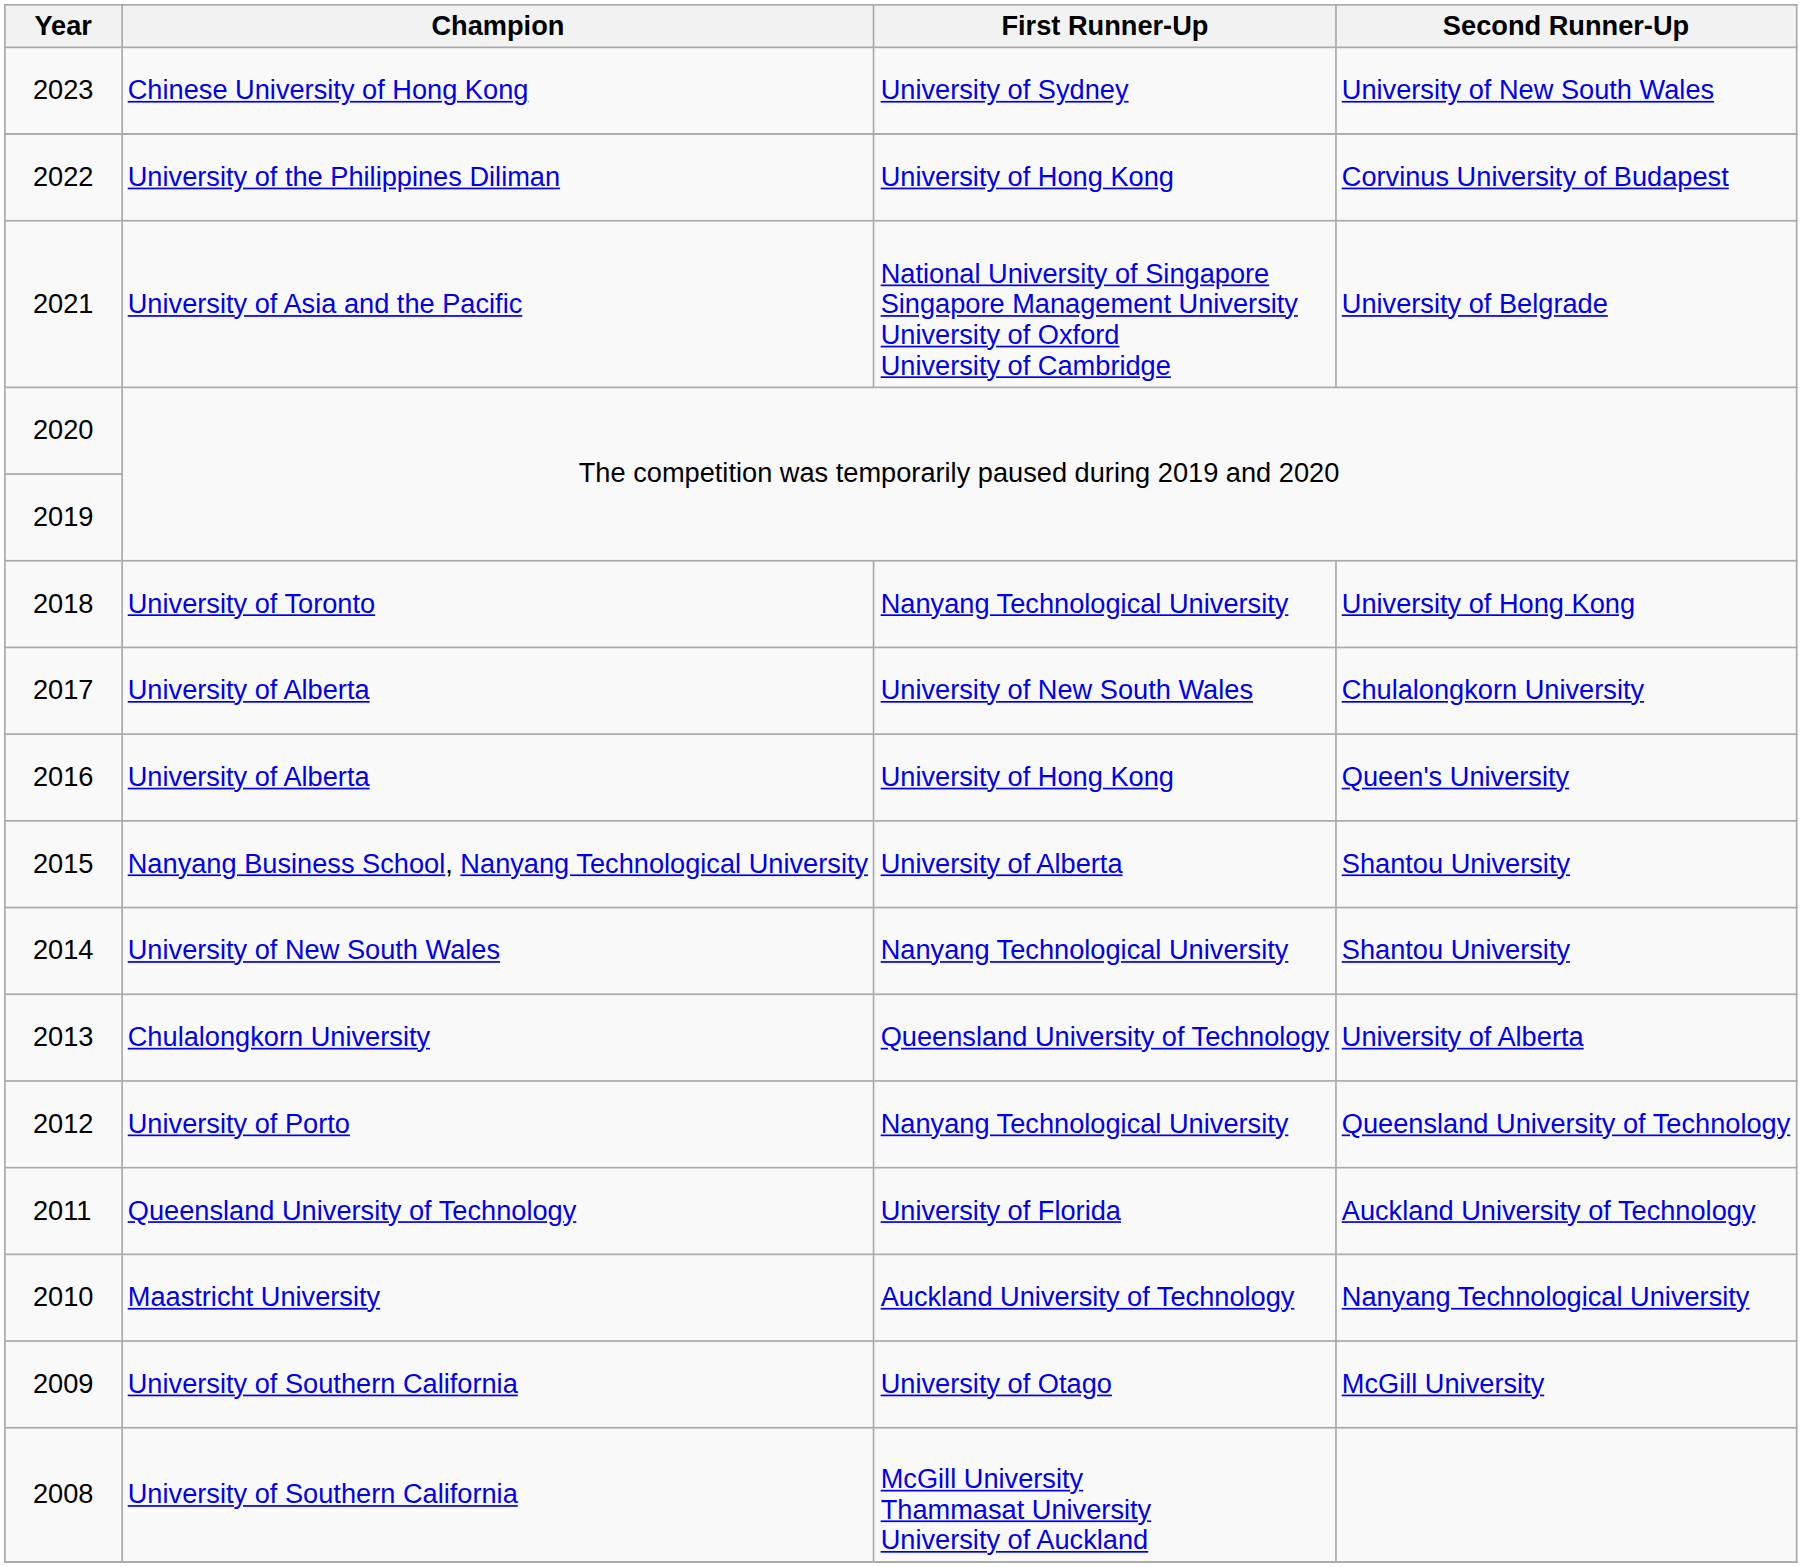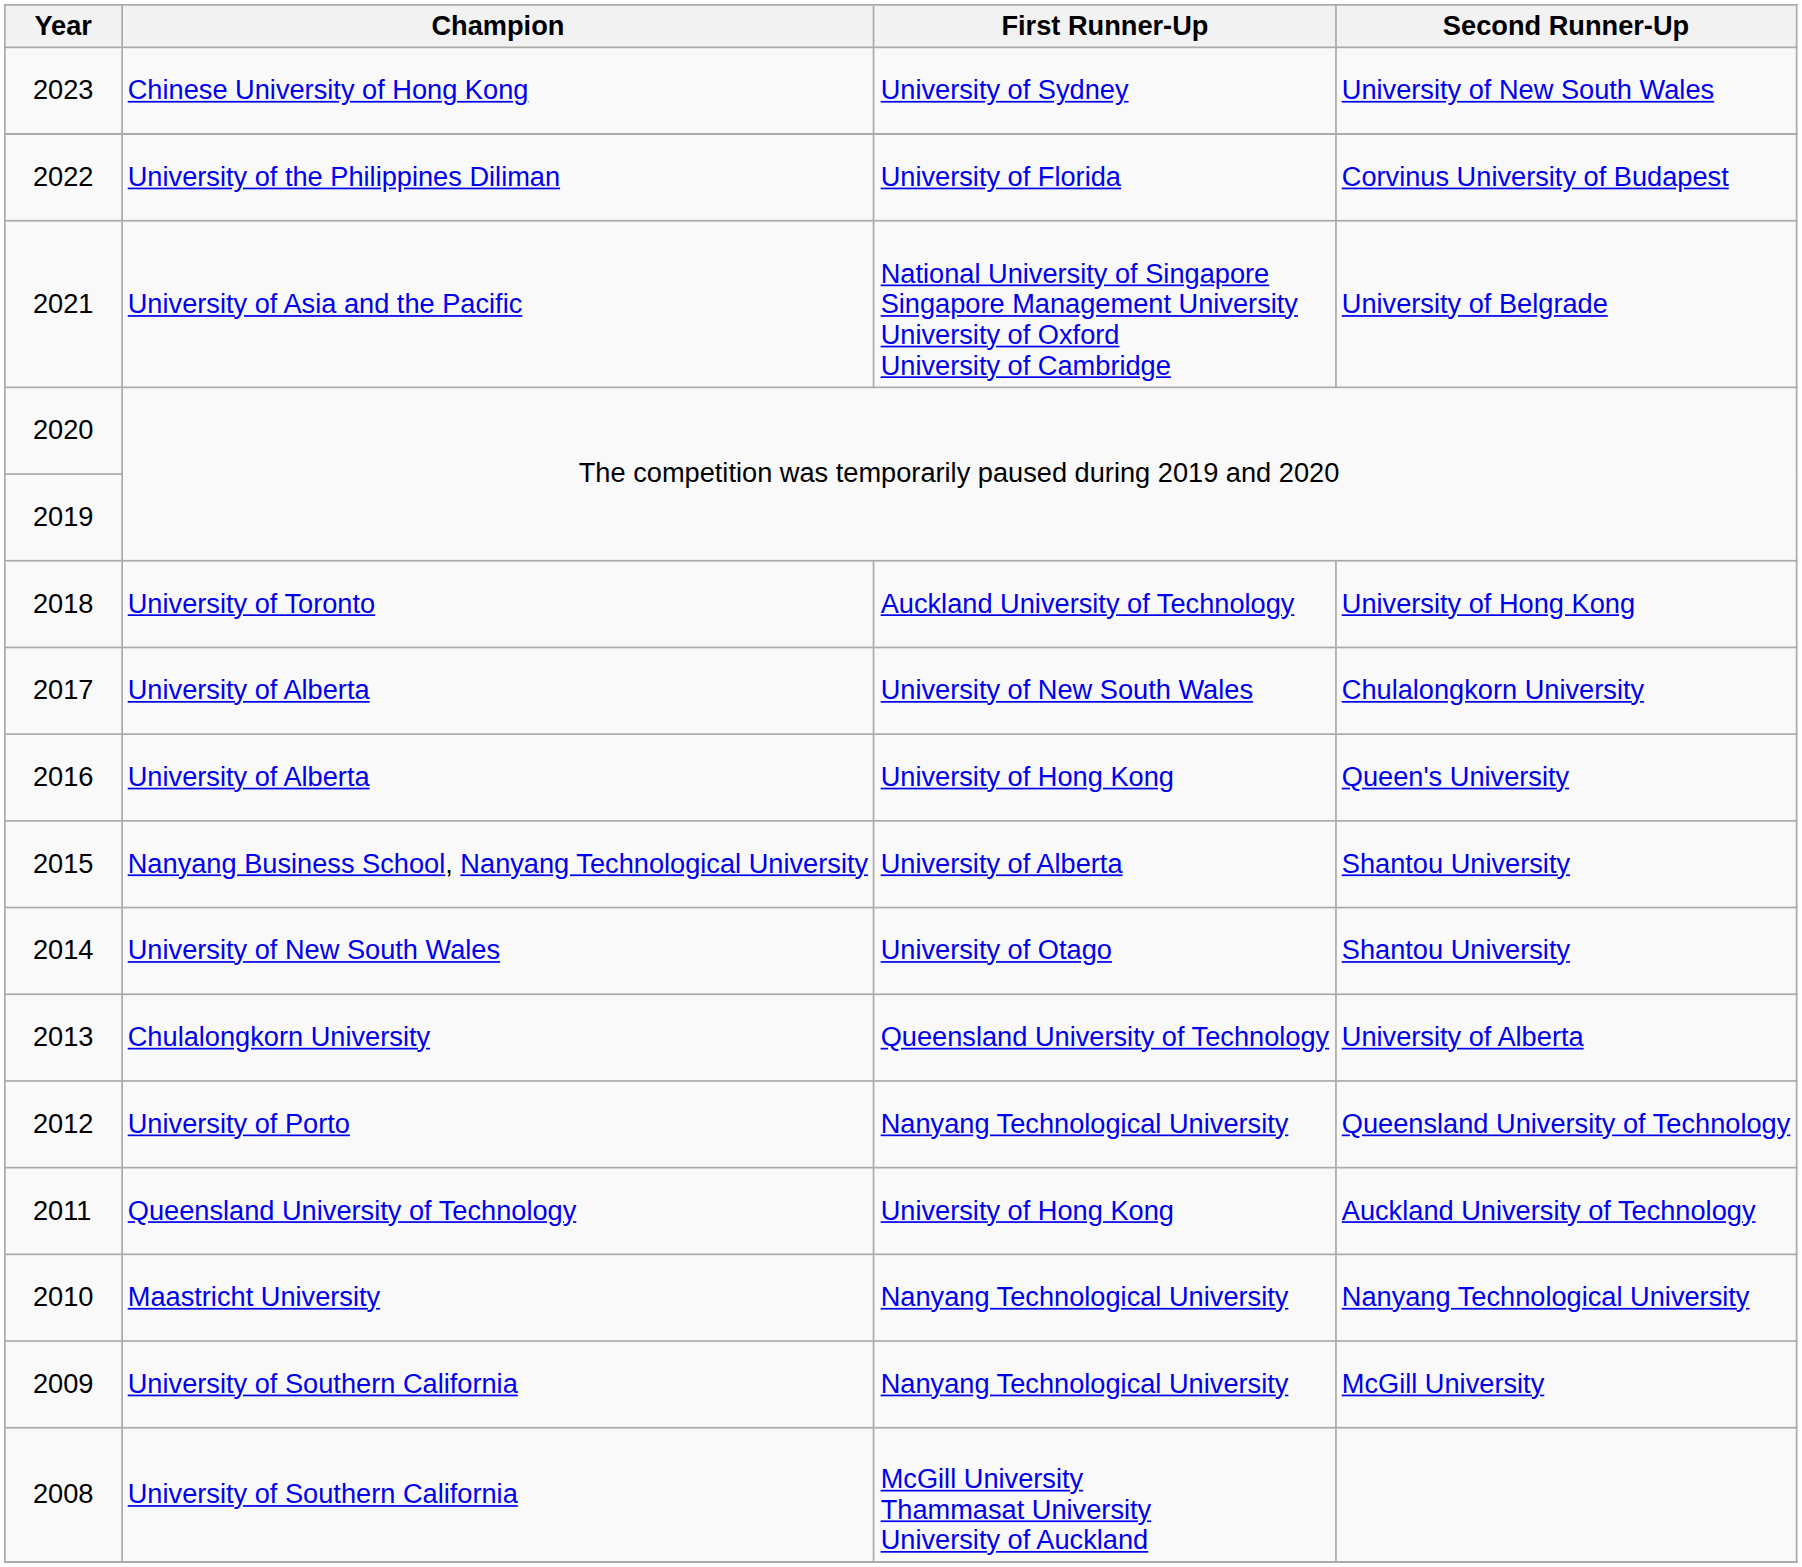 <table class="wikitable">
 <tr>
 <th>Year</th>
 <th>Champion</th>
 <th>First Runner-Up</th>
 <th>Second Runner-Up</th>
 </tr>
 <tr>
 <td style="padding: 1em">2023</td>
 <td><a href='#'>Chinese University of Hong Kong</a></td>
 <td><a href='#'>University of Sydney</a></td>
 <td><a href='#'>University of New South Wales</a></td>
 </tr>
 <tr>
 </tr>
 <tr>
 <td style="padding: 1em">2022</td>
 <td><a href='#'>University of the Philippines Diliman</a></td>
-<td><a href='#'>University of Hong Kong</a></td>
+<td><a href='#'>University of Florida</a></td>
 <td><a href='#'>Corvinus University of Budapest</a></td>
 </tr>
 <tr>
 <td style="padding: 1em">2021</td>
 <td><a href='#'>University of Asia and the Pacific</a></td>
 <td><br><a href='#'>National University of Singapore</a><br><a href='#'>Singapore Management University</a><br><a href='#'>University of Oxford</a><br><a href='#'>University of Cambridge</a></td>
 <td><a href='#'>University of Belgrade</a></td>
 </tr>
 <tr>
 <td style="padding: 1em">2020</td>
 <td style="text-align:center" colspan="3" rowspan = "2">The competition was temporarily paused during 2019 and 2020</td>
 </tr>
 <tr>
 <td style="padding: 1em">2019</td>
 </tr>
 <tr>
 <td style="padding: 1em">2018</td>
 <td><a href='#'>University of Toronto</a></td>
-<td><a href='#'>Nanyang Technological University</a></td>
+<td><a href='#'>Auckland University of Technology</a></td>
 <td><a href='#'>University of Hong Kong</a></td>
 </tr>
 <tr>
 <td style="padding: 1em">2017</td>
 <td><a href='#'>University of Alberta</a></td>
 <td><a href='#'>University of New South Wales</a></td>
 <td><a href='#'>Chulalongkorn University</a></td>
 </tr>
 <tr>
 <td style="padding: 1em">2016</td>
 <td><a href='#'>University of Alberta</a></td>
 <td><a href='#'>University of Hong Kong</a></td>
 <td><a href='#'>Queen's University</a></td>
 </tr>
 <tr>
 <td style="padding: 1em">2015</td>
 <td><a href='#'>Nanyang Business School</a>, <a href='#'>Nanyang Technological University</a></td>
 <td><a href='#'>University of Alberta</a></td>
 <td><a href='#'>Shantou University</a></td>
 </tr>
 <tr>
 <td style="padding: 1em">2014</td>
 <td><a href='#'>University of New South Wales</a></td>
-<td><a href='#'>Nanyang Technological University</a></td>
+<td><a href='#'>University of Otago</a></td>
 <td><a href='#'>Shantou University</a></td>
 </tr>
 <tr>
 <td style="padding: 1em">2013</td>
 <td><a href='#'>Chulalongkorn University</a></td>
 <td><a href='#'>Queensland University of Technology</a></td>
 <td><a href='#'>University of Alberta</a></td>
 </tr>
 <tr>
 <td style="padding: 1em">2012</td>
 <td><a href='#'>University of Porto</a></td>
 <td><a href='#'>Nanyang Technological University</a></td>
 <td><a href='#'>Queensland University of Technology</a></td>
 </tr>
 <tr>
 <td style="padding: 1em">2011</td>
 <td><a href='#'>Queensland University of Technology</a></td>
-<td><a href='#'>University of Florida</a></td>
+<td><a href='#'>University of Hong Kong</a></td>
 <td><a href='#'>Auckland University of Technology</a></td>
 </tr>
 <tr>
 <td style="padding: 1em">2010</td>
 <td><a href='#'>Maastricht University</a></td>
-<td><a href='#'>Auckland University of Technology</a></td>
+<td><a href='#'>Nanyang Technological University</a></td>
 <td><a href='#'>Nanyang Technological University</a></td>
 </tr>
 <tr>
 <td style="padding: 1em">2009</td>
 <td><a href='#'>University of Southern California</a></td>
-<td><a href='#'>University of Otago</a></td>
+<td><a href='#'>Nanyang Technological University</a></td>
 <td><a href='#'>McGill University</a></td>
 </tr>
 <tr>
 <td style="padding: 1em">2008</td>
 <td><a href='#'>University of Southern California</a></td>
 <td><br><a href='#'>McGill University</a><br><a href='#'>Thammasat University</a><br><a href='#'>University of Auckland</a></td>
 <td></td>
 </tr>
 <tr>
 </tr>
 </table>
